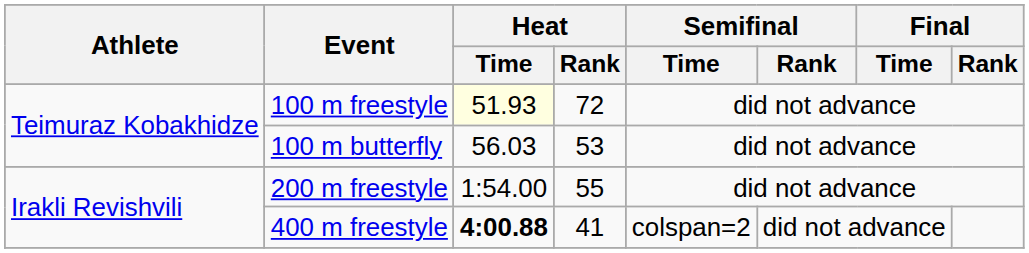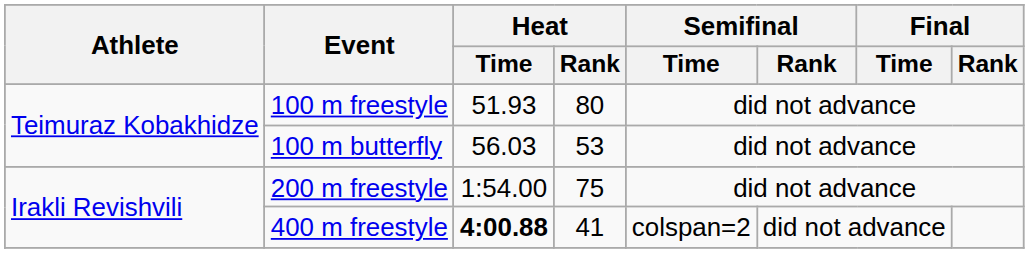 <table class="wikitable" style="text-align:center; font-size:90%">
 <tr>
 <th rowspan="2">Athlete</th>
 <th rowspan="2">Event</th>
 <th colspan="2">Heat</th>
 <th colspan="2">Semifinal</th>
 <th colspan="2">Final</th>
 </tr>
 <tr style="font-size:95%">
 <th>Time</th>
 <th>Rank</th>
 <th>Time</th>
 <th>Rank</th>
 <th>Time</th>
 <th>Rank</th>
 </tr>
 <tr>
 <td align=left rowspan=2><a href='#'>Teimuraz Kobakhidze</a></td>
 <td align=left><a href='#'>100 m freestyle</a></td>
-<td style="background: lightyellow;">51.93</td>
-<td>72</td>
+<td>51.93</td>
+<td>80</td>
 <td colspan=4>did not advance</td>
 </tr>
 <tr>
 <td align=left><a href='#'>100 m butterfly</a></td>
 <td>56.03</td>
 <td>53</td>
 <td colspan=4>did not advance</td>
 </tr>
 <tr>
 <td align=left rowspan=2><a href='#'>Irakli Revishvili</a></td>
 <td align=left><a href='#'>200 m freestyle</a></td>
 <td>1:54.00</td>
-<td>55</td>
+<td>75</td>
 <td colspan=4>did not advance</td>
 </tr>
 <tr>
 <td align=left><a href='#'>400 m freestyle</a></td>
 <td><strong>4:00.88</strong></td>
 <td>41</td>
 <td>colspan=2 </td>
 <td colspan=2>did not advance</td>
 </tr>
 </table>
